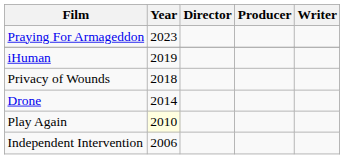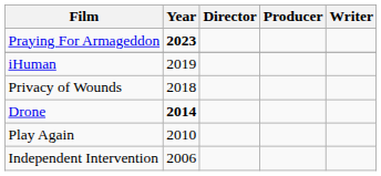 <table class="wikitable sortable">
 <tr>
 <th>Film</th>
 <th>Year</th>
 <th>Director</th>
 <th>Producer</th>
 <th>Writer</th>
 </tr>
 <tr>
 <td><a href='#'>Praying For Armageddon</a></td>
-<td>2023</td>
+<td><strong>2023</strong></td>
 <td></td>
 <td></td>
 <td></td>
 </tr>
 <tr>
 </tr>
 <tr>
 <td><a href='#'>iHuman</a></td>
 <td>2019</td>
 <td></td>
 <td></td>
 <td></td>
 </tr>
 <tr>
 <td>Privacy of Wounds</td>
 <td>2018</td>
 <td></td>
 <td></td>
 <td></td>
 </tr>
 <tr>
 <td><a href='#'>Drone</a></td>
-<td>2014</td>
+<td><strong>2014</strong></td>
 <td></td>
 <td></td>
 <td></td>
 </tr>
 <tr>
 <td>Play Again</td>
-<td style="background: lightyellow;">2010</td>
+<td>2010</td>
 <td></td>
 <td></td>
 <td></td>
 </tr>
 <tr>
 <td>Independent Intervention</td>
 <td>2006</td>
 <td></td>
 <td></td>
 <td></td>
 </tr>
 </table>
